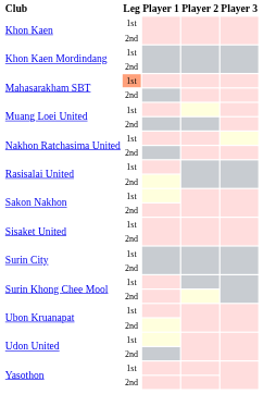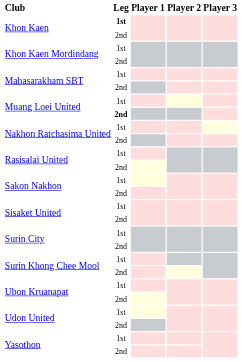 <table class="sortable" style="text-align:left">
 <tr>
 <th>Club</th>
 <th>Leg</th>
 <th>Player 1</th>
 <th>Player 2</th>
 <th>Player 3</th>
 </tr>
 <tr>
 <td rowspan="2"><a href='#'>Khon Kaen</a></td>
-<td align="center"><small>1st</small></td>
+<td align="center"><strong><small>1st</small></strong></td>
 <td bgcolor="#ffdddd"rowspan="2"></td>
 <td bgcolor="#ffdddd"rowspan="2"></td>
 <td bgcolor="#ffdddd"rowspan="2"></td>
 </tr>
 <tr>
 <td align="center"><small>2nd</small></td>
 </tr>
 <tr>
 <td rowspan="2"><a href='#'>Khon Kaen Mordindang</a></td>
 <td align="center"><small>1st</small></td>
 <td bgcolor="#c8ccd1"rowspan="2"></td>
 <td bgcolor="#c8ccd1"rowspan="2"></td>
 <td bgcolor="#c8ccd1"rowspan="2"></td>
 </tr>
 <tr>
 <td align="center"><small>2nd</small></td>
 </tr>
 <tr>
 <td rowspan="2"><a href='#'>Mahasarakham SBT</a></td>
-<td align="center" style="background: lightsalmon;"><small>1st</small></td>
+<td align="center"><small>1st</small></td>
 <td bgcolor="#ffdddd"></td>
 <td bgcolor="#ffdddd"></td>
 <td bgcolor="#ffdddd"></td>
 </tr>
 <tr>
 <td align="center"><small>2nd</small></td>
 <td bgcolor="#c8ccd1"></td>
 <td bgcolor="#ffdddd"></td>
 <td bgcolor="#ffdddd"></td>
 </tr>
 <tr>
 <td rowspan="2"><a href='#'>Muang Loei United</a></td>
 <td align="center"><small>1st</small></td>
 <td bgcolor="#ffdddd"></td>
 <td bgcolor="#ffffdd"></td>
 <td bgcolor="#ffdddd"></td>
 </tr>
 <tr>
-<td align="center"><small>2nd</small></td>
+<td align="center"><strong><small>2nd</small></strong></td>
 <td bgcolor="#c8ccd1"></td>
 <td bgcolor="#c8ccd1"></td>
 <td bgcolor="#ffdddd"></td>
 </tr>
 <tr>
 <td rowspan="2"><a href='#'>Nakhon Ratchasima United</a></td>
 <td align="center"><small>1st</small></td>
 <td bgcolor="#ffdddd"></td>
 <td bgcolor="#ffdddd"></td>
 <td bgcolor="#ffffdd"></td>
 </tr>
 <tr>
 <td align="center"><small>2nd</small></td>
 <td bgcolor="#c8ccd1"></td>
 <td bgcolor="#ffdddd"></td>
 <td bgcolor="#ffdddd"></td>
 </tr>
 <tr>
 <td rowspan="2"><a href='#'>Rasisalai United</a></td>
 <td align="center"><small>1st</small></td>
 <td bgcolor="#ffdddd"></td>
 <td bgcolor="#c8ccd1"rowspan="2"></td>
 <td bgcolor="#c8ccd1"rowspan="2"></td>
 </tr>
 <tr>
 <td align="center"><small>2nd</small></td>
 <td bgcolor="#ffffdd"></td>
 </tr>
 <tr>
 <td rowspan="2"><a href='#'>Sakon Nakhon</a></td>
 <td align="center"><small>1st</small></td>
 <td bgcolor="#ffffdd"></td>
 <td bgcolor="#ffdddd"rowspan="2"></td>
 <td bgcolor="#ffdddd"rowspan="2"></td>
 </tr>
 <tr>
 <td align="center"><small>2nd</small></td>
 <td bgcolor="#ffdddd"></td>
 </tr>
 <tr>
 <td rowspan="2"><a href='#'>Sisaket United</a></td>
 <td align="center"><small>1st</small></td>
 <td bgcolor="#ffdddd"rowspan="2"></td>
 <td bgcolor="#ffdddd"rowspan="2"></td>
 <td bgcolor="#ffdddd"rowspan="2"></td>
 </tr>
 <tr>
 <td align="center"><small>2nd</small></td>
 </tr>
 <tr>
 <td rowspan="2"><a href='#'>Surin City</a></td>
 <td align="center"><small>1st</small></td>
 <td bgcolor="#c8ccd1"rowspan="2"></td>
 <td bgcolor="#c8ccd1"rowspan="2"></td>
 <td bgcolor="#c8ccd1"rowspan="2"></td>
 </tr>
 <tr>
 <td align="center"><small>2nd</small></td>
 </tr>
 <tr>
 <td rowspan="2"><a href='#'>Surin Khong Chee Mool</a></td>
 <td align="center"><small>1st</small></td>
 <td bgcolor="#ffdddd"></td>
 <td bgcolor="#c8ccd1"></td>
 <td bgcolor="#c8ccd1"rowspan="2"></td>
 </tr>
 <tr>
 <td align="center"><small>2nd</small></td>
 <td bgcolor="#ffdddd"></td>
 <td bgcolor="#ffffdd"></td>
 </tr>
 <tr>
 <td rowspan="2"><a href='#'>Ubon Kruanapat</a></td>
 <td align="center"><small>1st</small></td>
 <td bgcolor="#ffdddd"></td>
 <td bgcolor="#ffdddd"rowspan="2"></td>
 <td bgcolor="#ffdddd"rowspan="2"></td>
 </tr>
 <tr>
 <td align="center"><small>2nd</small></td>
 <td bgcolor="#ffffdd"></td>
 </tr>
 <tr>
 <td rowspan="2"><a href='#'>Udon United</a></td>
 <td align="center"><small>1st</small></td>
 <td bgcolor="#ffffdd"></td>
 <td bgcolor="#ffdddd"rowspan="2"></td>
 <td bgcolor="#ffdddd"rowspan="2"></td>
 </tr>
 <tr>
 <td align="center"><small>2nd</small></td>
 <td bgcolor="#c8ccd1"></td>
 </tr>
 <tr>
 <td rowspan="2"><a href='#'>Yasothon</a></td>
 <td align="center"><small>1st</small></td>
 <td bgcolor="#ffdddd"></td>
 <td bgcolor="#ffdddd"></td>
 <td bgcolor="#ffdddd"rowspan="2"></td>
 </tr>
 <tr>
 <td align="center"><small>2nd</small></td>
 <td bgcolor="#ffdddd"></td>
 <td bgcolor="#ffdddd"></td>
 </tr>
 </table>
